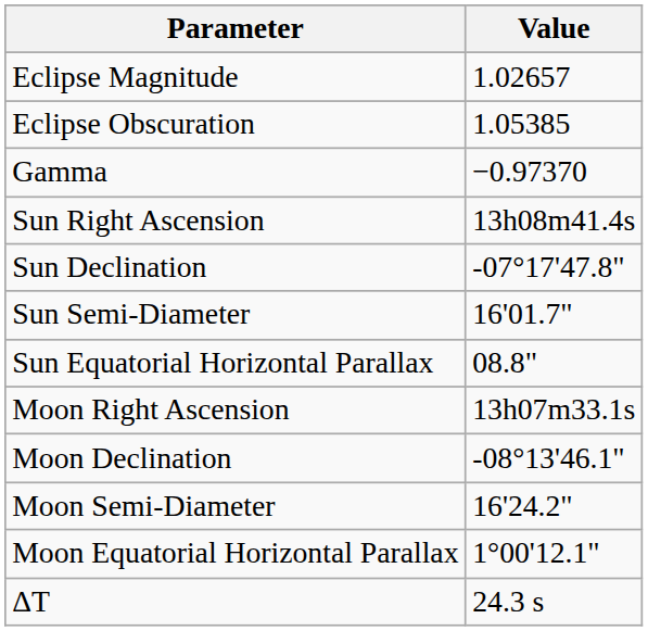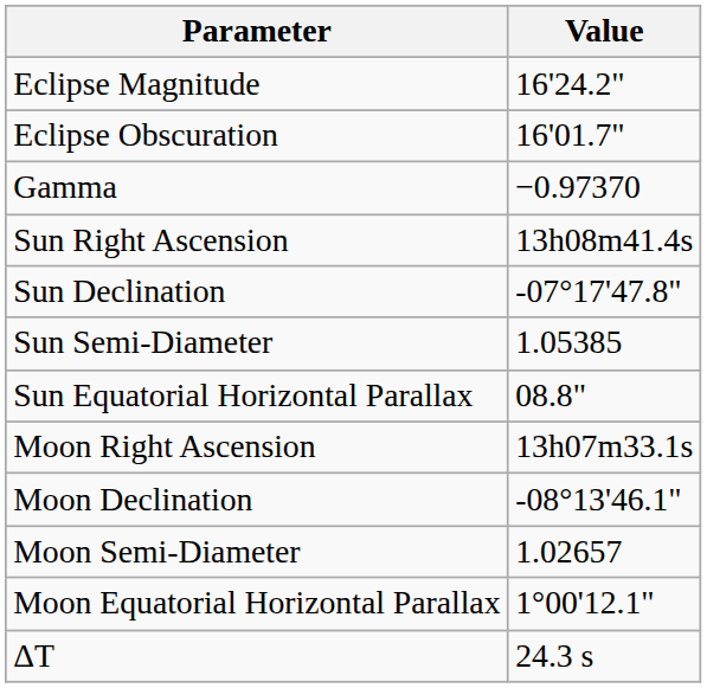 <table class="wikitable">
 <tr>
 <th>Parameter</th>
 <th>Value</th>
 </tr>
 <tr>
 <td>Eclipse Magnitude</td>
-<td>1.02657</td>
+<td>16'24.2"</td>
 </tr>
 <tr>
 <td>Eclipse Obscuration</td>
-<td>1.05385</td>
+<td>16'01.7"</td>
 </tr>
 <tr>
 <td>Gamma</td>
 <td>−0.97370</td>
 </tr>
 <tr>
 <td>Sun Right Ascension</td>
 <td>13h08m41.4s</td>
 </tr>
 <tr>
 <td>Sun Declination</td>
 <td>-07°17'47.8"</td>
 </tr>
 <tr>
 <td>Sun Semi-Diameter</td>
-<td>16'01.7"</td>
+<td>1.05385</td>
 </tr>
 <tr>
 <td>Sun Equatorial Horizontal Parallax</td>
 <td>08.8"</td>
 </tr>
 <tr>
 <td>Moon Right Ascension</td>
 <td>13h07m33.1s</td>
 </tr>
 <tr>
 <td>Moon Declination</td>
 <td>-08°13'46.1"</td>
 </tr>
 <tr>
 <td>Moon Semi-Diameter</td>
-<td>16'24.2"</td>
+<td>1.02657</td>
 </tr>
 <tr>
 <td>Moon Equatorial Horizontal Parallax</td>
 <td>1°00'12.1"</td>
 </tr>
 <tr>
 <td>ΔT</td>
 <td>24.3 s</td>
 </tr>
 </table>
